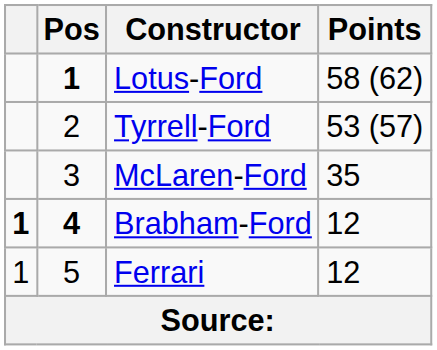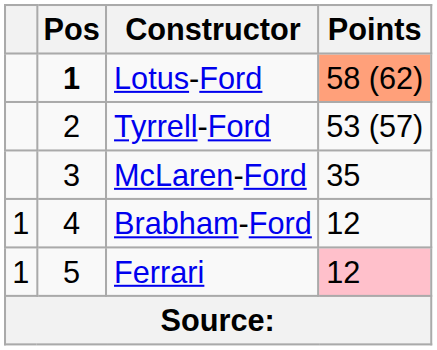 <table class="wikitable" style="font-size: 95%;">
 <tr>
 <th></th>
 <th>Pos</th>
 <th>Constructor</th>
 <th>Points</th>
 </tr>
 <tr>
 <td align="left"></td>
 <td align="center"><strong>1</strong></td>
 <td> <a href='#'>Lotus</a>-<a href='#'>Ford</a></td>
-<td align="left">58 (62)</td>
+<td align="left" style="background: lightsalmon;">58 (62)</td>
 </tr>
 <tr>
 <td align="left"></td>
 <td align="center">2</td>
 <td> <a href='#'>Tyrrell</a>-<a href='#'>Ford</a></td>
 <td align="left">53 (57)</td>
 </tr>
 <tr>
 <td align="left"></td>
 <td align="center">3</td>
 <td> <a href='#'>McLaren</a>-<a href='#'>Ford</a></td>
 <td align="left">35</td>
 </tr>
 <tr>
-<td align="left"><strong> 1</strong></td>
-<td align="center"><strong>4</strong></td>
+<td align="left"> 1</td>
+<td align="center">4</td>
 <td> <a href='#'>Brabham</a>-<a href='#'>Ford</a></td>
 <td align="left">12</td>
 </tr>
 <tr>
 <td align="left"> 1</td>
 <td align="center">5</td>
 <td> <a href='#'>Ferrari</a></td>
-<td align="left">12</td>
+<td align="left" style="background: pink;">12</td>
 </tr>
 <tr>
 <th colspan=4>Source: </th>
 </tr>
 </table>
